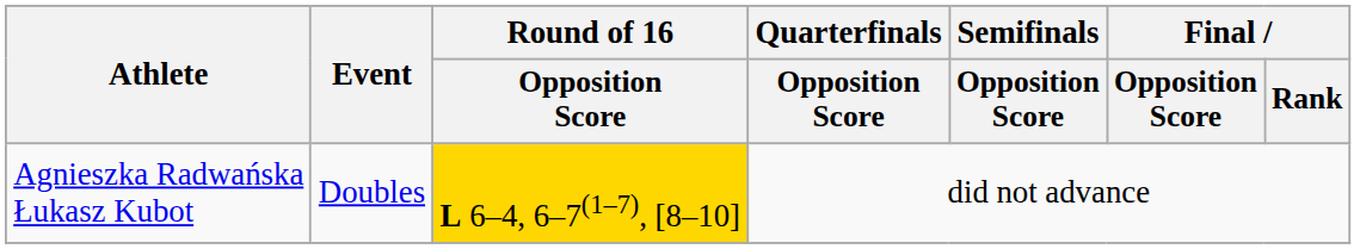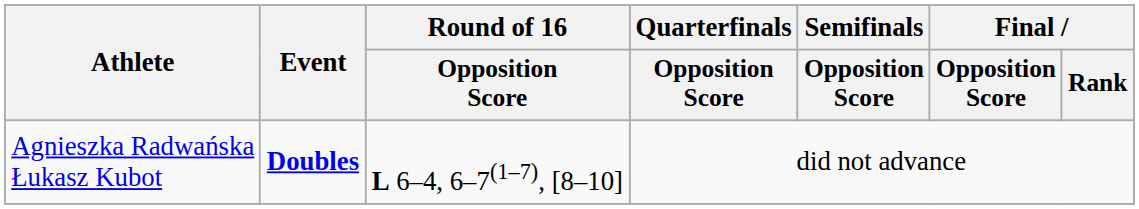 <table class=wikitable style="font-size:90%">
 <tr>
 <th rowspan="2">Athlete</th>
 <th rowspan="2">Event</th>
 <th>Round of 16</th>
 <th>Quarterfinals</th>
 <th>Semifinals</th>
 <th colspan=2>Final / </th>
 </tr>
 <tr style="font-size:95%">
 <th>Opposition<br>Score</th>
 <th>Opposition<br>Score</th>
 <th>Opposition<br>Score</th>
 <th>Opposition<br>Score</th>
 <th>Rank</th>
 </tr>
 <tr align=center>
 <td align=left><a href='#'>Agnieszka Radwańska</a><br><a href='#'>Łukasz Kubot</a></td>
-<td align=left><a href='#'>Doubles</a></td>
-<td style="background: gold;"><br><strong>L</strong> 6–4, 6–7<sup>(1–7)</sup>, [8–10]</td>
+<td align=left><strong><a href='#'>Doubles</a></strong></td>
+<td><br><strong>L</strong> 6–4, 6–7<sup>(1–7)</sup>, [8–10]</td>
 <td colspan=6>did not advance</td>
 </tr>
 </table>
